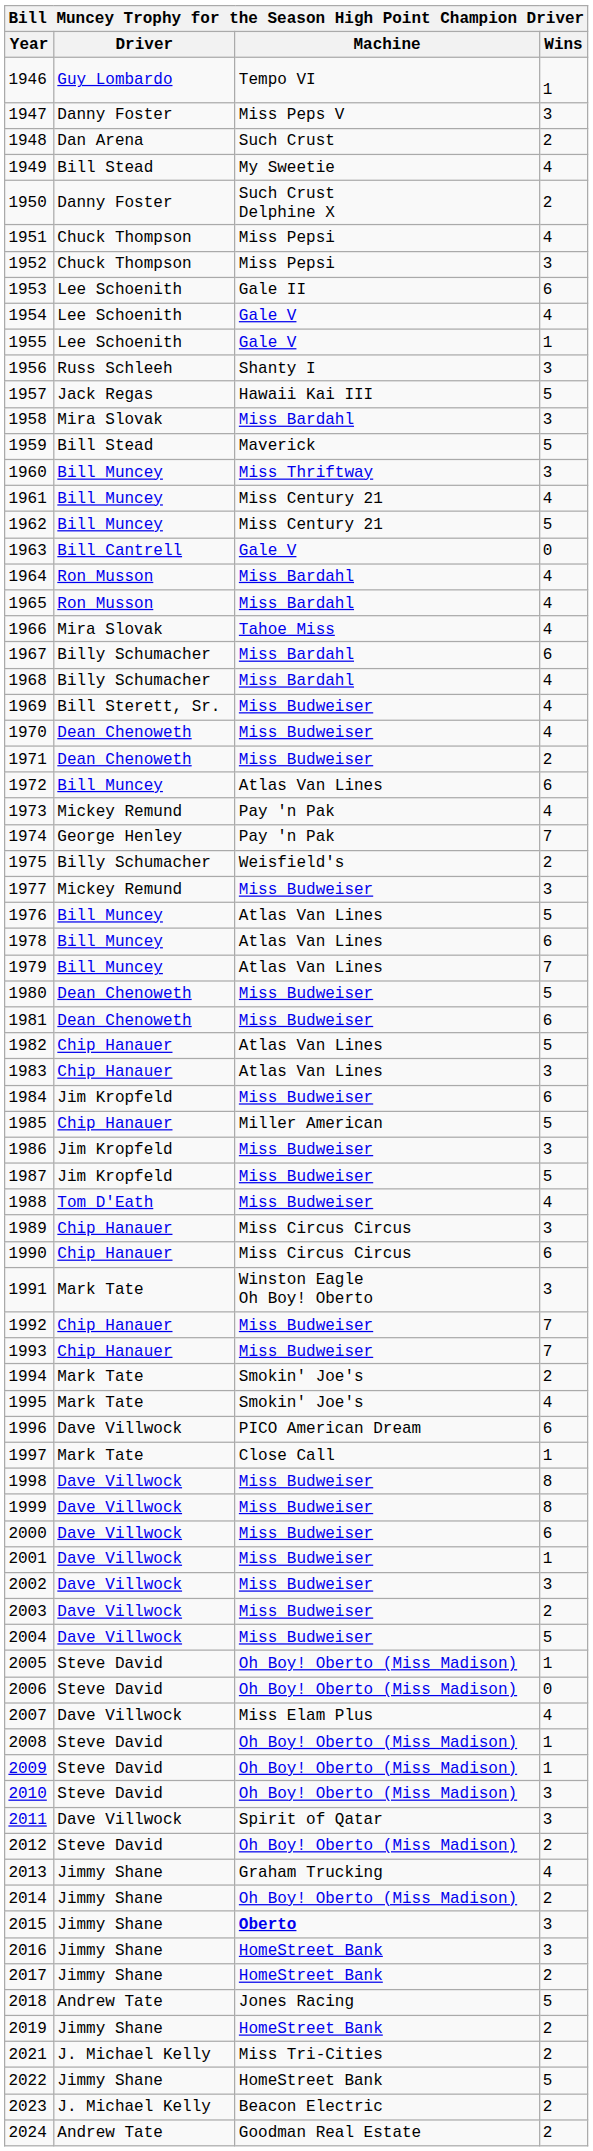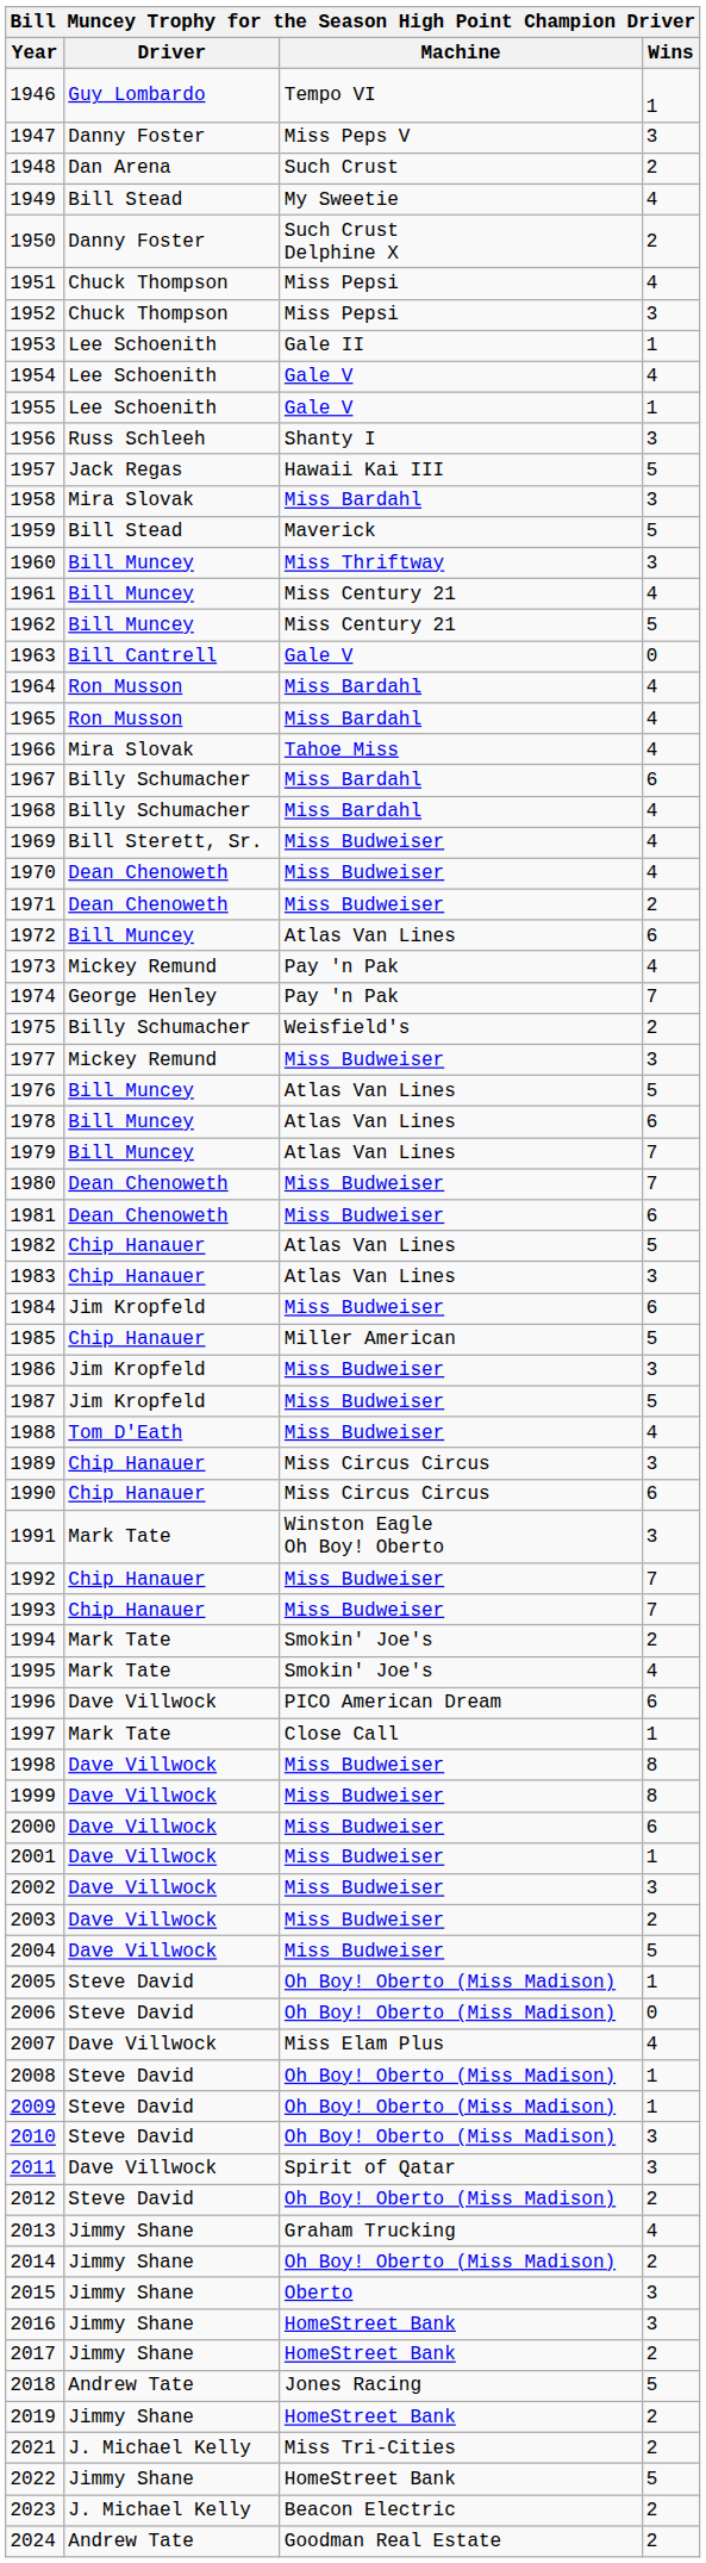 <table class="wikitable" style="display: inline-table;">
 <tr>
 <th colspan="4"><strong>Bill Muncey Trophy</strong> for the Season High Point Champion Driver</th>
 </tr>
 <tr>
 <th>Year</th>
 <th>Driver</th>
 <th>Machine</th>
 <th>Wins</th>
 </tr>
 <tr>
 <td>1946</td>
 <td><a href='#'>Guy Lombardo</a></td>
 <td>Tempo VI</td>
 <td><br>1</td>
 </tr>
 <tr>
 <td>1947</td>
 <td>Danny Foster</td>
 <td>Miss Peps V</td>
 <td>3</td>
 </tr>
 <tr>
 <td>1948</td>
 <td>Dan Arena</td>
 <td>Such Crust</td>
 <td>2</td>
 </tr>
 <tr>
 <td>1949</td>
 <td>Bill Stead</td>
 <td>My Sweetie</td>
 <td>4</td>
 </tr>
 <tr>
 <td>1950</td>
 <td>Danny Foster</td>
 <td>Such Crust<br>Delphine X</td>
 <td>2</td>
 </tr>
 <tr>
 <td>1951</td>
 <td>Chuck Thompson</td>
 <td>Miss Pepsi</td>
 <td>4</td>
 </tr>
 <tr>
 <td>1952</td>
 <td>Chuck Thompson</td>
 <td>Miss Pepsi</td>
 <td>3</td>
 </tr>
 <tr>
 <td>1953</td>
 <td>Lee Schoenith</td>
 <td>Gale II</td>
-<td>6</td>
+<td>1</td>
 </tr>
 <tr>
 <td>1954</td>
 <td>Lee Schoenith</td>
 <td><a href='#'>Gale V</a></td>
 <td>4</td>
 </tr>
 <tr>
 <td>1955</td>
 <td>Lee Schoenith</td>
 <td><a href='#'>Gale V</a></td>
 <td>1</td>
 </tr>
 <tr>
 <td>1956</td>
 <td>Russ Schleeh</td>
 <td>Shanty I</td>
 <td>3</td>
 </tr>
 <tr>
 <td>1957</td>
 <td>Jack Regas</td>
 <td>Hawaii Kai III</td>
 <td>5</td>
 </tr>
 <tr>
 <td>1958</td>
 <td>Mira Slovak</td>
 <td><a href='#'>Miss Bardahl</a></td>
 <td>3</td>
 </tr>
 <tr>
 <td>1959</td>
 <td>Bill Stead</td>
 <td>Maverick</td>
 <td>5</td>
 </tr>
 <tr>
 <td>1960</td>
 <td><a href='#'>Bill Muncey</a></td>
 <td><a href='#'>Miss Thriftway</a></td>
 <td>3</td>
 </tr>
 <tr>
 <td>1961</td>
 <td><a href='#'>Bill Muncey</a></td>
 <td>Miss Century 21</td>
 <td>4</td>
 </tr>
 <tr>
 <td>1962</td>
 <td><a href='#'>Bill Muncey</a></td>
 <td>Miss Century 21</td>
 <td>5</td>
 </tr>
 <tr>
 <td>1963</td>
 <td><a href='#'>Bill Cantrell</a></td>
 <td><a href='#'>Gale V</a></td>
 <td>0</td>
 </tr>
 <tr>
 <td>1964</td>
 <td><a href='#'>Ron Musson</a></td>
 <td><a href='#'>Miss Bardahl</a></td>
 <td>4</td>
 </tr>
 <tr>
 <td>1965</td>
 <td><a href='#'>Ron Musson</a></td>
 <td><a href='#'>Miss Bardahl</a></td>
 <td>4</td>
 </tr>
 <tr>
 <td>1966</td>
 <td>Mira Slovak</td>
 <td><a href='#'>Tahoe Miss</a></td>
 <td>4</td>
 </tr>
 <tr>
 <td>1967</td>
 <td>Billy Schumacher</td>
 <td><a href='#'>Miss Bardahl</a></td>
 <td>6</td>
 </tr>
 <tr>
 <td>1968</td>
 <td>Billy Schumacher</td>
 <td><a href='#'>Miss Bardahl</a></td>
 <td>4</td>
 </tr>
 <tr>
 <td>1969</td>
 <td>Bill Sterett, Sr.</td>
 <td><a href='#'>Miss Budweiser</a></td>
 <td>4</td>
 </tr>
 <tr>
 <td>1970</td>
 <td><a href='#'>Dean Chenoweth</a></td>
 <td><a href='#'>Miss Budweiser</a></td>
 <td>4</td>
 </tr>
 <tr>
 <td>1971</td>
 <td><a href='#'>Dean Chenoweth</a></td>
 <td><a href='#'>Miss Budweiser</a></td>
 <td>2</td>
 </tr>
 <tr>
 <td>1972</td>
 <td><a href='#'>Bill Muncey</a></td>
 <td>Atlas Van Lines</td>
 <td>6</td>
 </tr>
 <tr>
 <td>1973</td>
 <td>Mickey Remund</td>
 <td>Pay 'n Pak</td>
 <td>4</td>
 </tr>
 <tr>
 <td>1974</td>
 <td>George Henley</td>
 <td>Pay 'n Pak</td>
 <td>7</td>
 </tr>
 <tr>
 <td>1975</td>
 <td>Billy Schumacher</td>
 <td>Weisfield's</td>
 <td>2</td>
 </tr>
 <tr>
 <td>1977</td>
 <td>Mickey Remund</td>
 <td><a href='#'>Miss Budweiser</a></td>
 <td>3</td>
 </tr>
 <tr>
 <td>1976</td>
 <td><a href='#'>Bill Muncey</a></td>
 <td>Atlas Van Lines</td>
 <td>5</td>
 </tr>
 <tr>
 <td>1978</td>
 <td><a href='#'>Bill Muncey</a></td>
 <td>Atlas Van Lines</td>
 <td>6</td>
 </tr>
 <tr>
 <td>1979</td>
 <td><a href='#'>Bill Muncey</a></td>
 <td>Atlas Van Lines</td>
 <td>7</td>
 </tr>
 <tr>
 <td>1980</td>
 <td><a href='#'>Dean Chenoweth</a></td>
 <td><a href='#'>Miss Budweiser</a></td>
-<td>5</td>
+<td>7</td>
 </tr>
 <tr>
 <td>1981</td>
 <td><a href='#'>Dean Chenoweth</a></td>
 <td><a href='#'>Miss Budweiser</a></td>
 <td>6</td>
 </tr>
 <tr>
 <td>1982</td>
 <td><a href='#'>Chip Hanauer</a></td>
 <td>Atlas Van Lines</td>
 <td>5</td>
 </tr>
 <tr>
 <td>1983</td>
 <td><a href='#'>Chip Hanauer</a></td>
 <td>Atlas Van Lines</td>
 <td>3</td>
 </tr>
 <tr>
 <td>1984</td>
 <td>Jim Kropfeld</td>
 <td><a href='#'>Miss Budweiser</a></td>
 <td>6</td>
 </tr>
 <tr>
 <td>1985</td>
 <td><a href='#'>Chip Hanauer</a></td>
 <td>Miller American</td>
 <td>5</td>
 </tr>
 <tr>
 <td>1986</td>
 <td>Jim Kropfeld</td>
 <td><a href='#'>Miss Budweiser</a></td>
 <td>3</td>
 </tr>
 <tr>
 <td>1987</td>
 <td>Jim Kropfeld</td>
 <td><a href='#'>Miss Budweiser</a></td>
 <td>5</td>
 </tr>
 <tr>
 <td>1988</td>
 <td><a href='#'>Tom D'Eath</a></td>
 <td><a href='#'>Miss Budweiser</a></td>
 <td>4</td>
 </tr>
 <tr>
 <td>1989</td>
 <td><a href='#'>Chip Hanauer</a></td>
 <td>Miss Circus Circus</td>
 <td>3</td>
 </tr>
 <tr>
 <td>1990</td>
 <td><a href='#'>Chip Hanauer</a></td>
 <td>Miss Circus Circus</td>
 <td>6</td>
 </tr>
 <tr>
 <td>1991</td>
 <td>Mark Tate</td>
 <td>Winston Eagle<br>Oh Boy! Oberto</td>
 <td>3</td>
 </tr>
 <tr>
 <td>1992</td>
 <td><a href='#'>Chip Hanauer</a></td>
 <td><a href='#'>Miss Budweiser</a></td>
 <td>7</td>
 </tr>
 <tr>
 <td>1993</td>
 <td><a href='#'>Chip Hanauer</a></td>
 <td><a href='#'>Miss Budweiser</a></td>
 <td>7</td>
 </tr>
 <tr>
 <td>1994</td>
 <td>Mark Tate</td>
 <td>Smokin' Joe's</td>
 <td>2</td>
 </tr>
 <tr>
 <td>1995</td>
 <td>Mark Tate</td>
 <td>Smokin' Joe's</td>
 <td>4</td>
 </tr>
 <tr>
 <td>1996</td>
 <td>Dave Villwock</td>
 <td>PICO American Dream</td>
 <td>6</td>
 </tr>
 <tr>
 <td>1997</td>
 <td>Mark Tate</td>
 <td>Close Call</td>
 <td>1</td>
 </tr>
 <tr>
 <td>1998</td>
 <td><a href='#'>Dave Villwock</a></td>
 <td><a href='#'>Miss Budweiser</a></td>
 <td>8</td>
 </tr>
 <tr>
 <td>1999</td>
 <td><a href='#'>Dave Villwock</a></td>
 <td><a href='#'>Miss Budweiser</a></td>
 <td>8</td>
 </tr>
 <tr>
 <td>2000</td>
 <td><a href='#'>Dave Villwock</a></td>
 <td><a href='#'>Miss Budweiser</a></td>
 <td>6</td>
 </tr>
 <tr>
 <td>2001</td>
 <td><a href='#'>Dave Villwock</a></td>
 <td><a href='#'>Miss Budweiser</a></td>
 <td>1</td>
 </tr>
 <tr>
 <td>2002</td>
 <td><a href='#'>Dave Villwock</a></td>
 <td><a href='#'>Miss Budweiser</a></td>
 <td>3</td>
 </tr>
 <tr>
 <td>2003</td>
 <td><a href='#'>Dave Villwock</a></td>
 <td><a href='#'>Miss Budweiser</a></td>
 <td>2</td>
 </tr>
 <tr>
 <td>2004</td>
 <td><a href='#'>Dave Villwock</a></td>
 <td><a href='#'>Miss Budweiser</a></td>
 <td>5</td>
 </tr>
 <tr>
 <td>2005</td>
 <td>Steve David</td>
 <td><a href='#'>Oh Boy! Oberto (Miss Madison)</a></td>
 <td>1</td>
 </tr>
 <tr>
 <td>2006</td>
 <td>Steve David</td>
 <td><a href='#'>Oh Boy! Oberto (Miss Madison)</a></td>
 <td>0</td>
 </tr>
 <tr>
 <td>2007</td>
 <td>Dave Villwock</td>
 <td>Miss Elam Plus</td>
 <td>4</td>
 </tr>
 <tr>
 <td>2008</td>
 <td>Steve David</td>
 <td><a href='#'>Oh Boy! Oberto (Miss Madison)</a></td>
 <td>1</td>
 </tr>
 <tr>
 <td><a href='#'>2009</a></td>
 <td>Steve David</td>
 <td><a href='#'>Oh Boy! Oberto (Miss Madison)</a></td>
 <td>1</td>
 </tr>
 <tr>
 <td><a href='#'>2010</a></td>
 <td>Steve David</td>
 <td><a href='#'>Oh Boy! Oberto (Miss Madison)</a></td>
 <td>3</td>
 </tr>
 <tr>
 <td><a href='#'>2011</a></td>
 <td>Dave Villwock</td>
 <td>Spirit of Qatar</td>
 <td>3</td>
 </tr>
 <tr>
 <td>2012</td>
 <td>Steve David</td>
 <td><a href='#'>Oh Boy! Oberto (Miss Madison)</a></td>
 <td>2</td>
 </tr>
 <tr>
 <td>2013</td>
 <td>Jimmy Shane</td>
 <td>Graham Trucking</td>
 <td>4</td>
 </tr>
 <tr>
 <td>2014</td>
 <td>Jimmy Shane</td>
 <td><a href='#'>Oh Boy! Oberto (Miss Madison)</a></td>
 <td>2</td>
 </tr>
 <tr>
 <td>2015</td>
 <td>Jimmy Shane</td>
-<td><strong><a href='#'>Oberto</a></strong></td>
+<td><a href='#'>Oberto</a></td>
 <td>3</td>
 </tr>
 <tr>
 <td>2016</td>
 <td>Jimmy Shane</td>
 <td><a href='#'>HomeStreet Bank</a></td>
 <td>3</td>
 </tr>
 <tr>
 <td>2017</td>
 <td>Jimmy Shane</td>
 <td><a href='#'>HomeStreet Bank</a></td>
 <td>2</td>
 </tr>
 <tr>
 <td>2018</td>
 <td>Andrew Tate</td>
 <td>Jones Racing</td>
 <td>5</td>
 </tr>
 <tr>
 <td>2019</td>
 <td>Jimmy Shane</td>
 <td><a href='#'>HomeStreet Bank</a></td>
 <td>2</td>
 </tr>
 <tr>
 <td>2021</td>
 <td>J. Michael Kelly</td>
 <td>Miss Tri-Cities</td>
 <td>2</td>
 </tr>
 <tr>
 <td>2022</td>
 <td>Jimmy Shane</td>
 <td>HomeStreet Bank</td>
 <td>5</td>
 </tr>
 <tr>
 <td>2023</td>
 <td>J. Michael Kelly</td>
 <td>Beacon Electric</td>
 <td>2</td>
 </tr>
 <tr>
 <td>2024</td>
 <td>Andrew Tate</td>
 <td>Goodman Real Estate</td>
 <td>2</td>
 </tr>
 </table>
